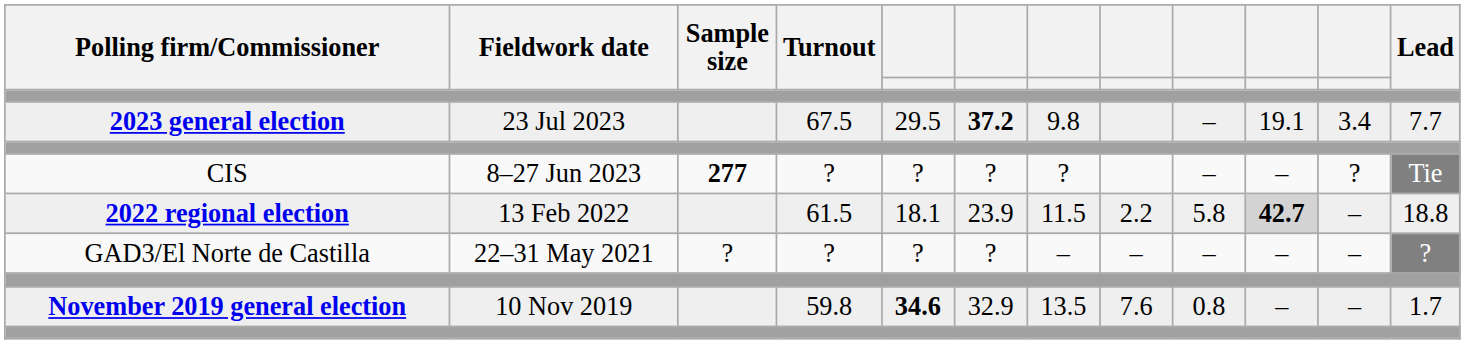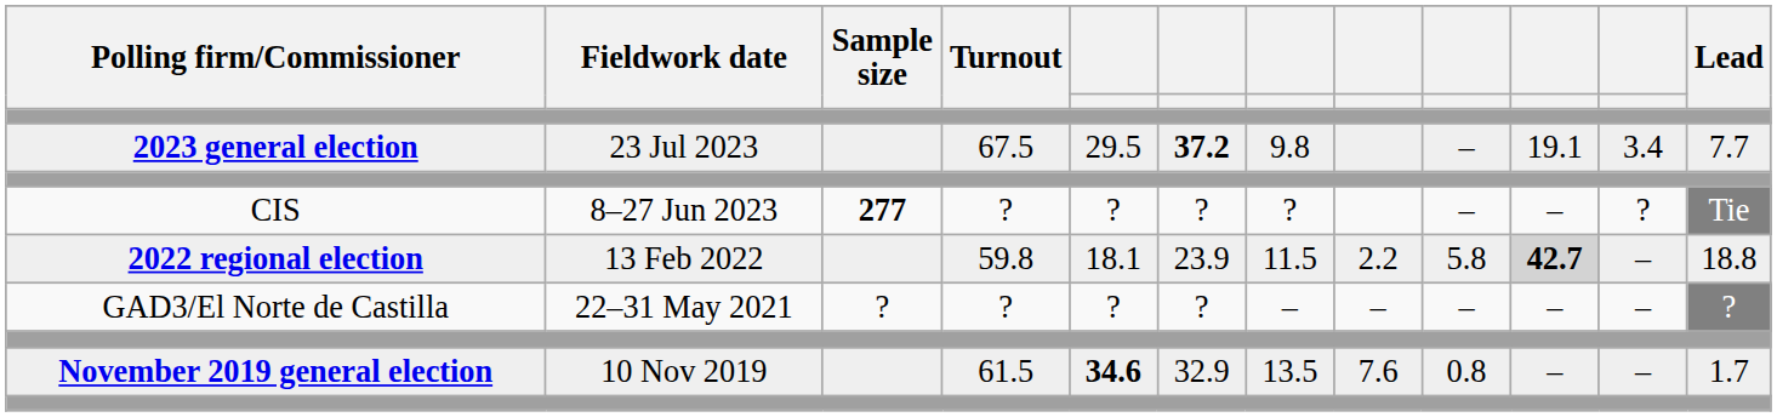 <table class="wikitable collapsible collapsed" style="text-align:center; font-size:95%; line-height:16px;">
 <tr style="height:42px;">
 <th style="width:250px;" rowspan="2">Polling firm/Commissioner</th>
 <th style="width:125px;" rowspan="2">Fieldwork date</th>
 <th style="width:50px;" rowspan="2">Sample size</th>
 <th style="width:45px;" rowspan="2">Turnout</th>
 <th style="width:35px;"></th>
 <th style="width:35px;"></th>
 <th style="width:35px;"></th>
 <th style="width:35px;"></th>
 <th style="width:35px;"></th>
 <th style="width:35px;"></th>
 <th style="width:35px;"></th>
 <th style="width:30px;" rowspan="2">Lead</th>
 </tr>
 <tr>
 <th style="color:inherit;background:"></th>
 <th style="color:inherit;background:"></th>
 <th style="color:inherit;background:"></th>
 <th style="color:inherit;background:"></th>
 <th style="color:inherit;background:"></th>
 <th style="color:inherit;background:"></th>
 <th style="color:inherit;background:"></th>
 </tr>
 <tr>
 <td colspan="12" style="background:#A0A0A0"></td>
 </tr>
 <tr style="background:#EFEFEF;">
 <td><strong><a href='#'>2023 general election</a></strong></td>
 <td>23 Jul 2023</td>
 <td></td>
 <td>67.5</td>
 <td>29.5<br></td>
 <td><strong>37.2</strong><br></td>
 <td>9.8<br></td>
 <td></td>
 <td>–</td>
 <td>19.1<br></td>
 <td>3.4<br></td>
 <td style="background:">7.7</td>
 </tr>
 <tr>
 <td colspan="12" style="background:#A0A0A0"></td>
 </tr>
 <tr>
 <td>CIS</td>
 <td>8–27 Jun 2023</td>
 <td><strong>277</strong></td>
 <td>?</td>
 <td>?<br></td>
 <td>?<br></td>
 <td>?<br></td>
 <td></td>
 <td>–</td>
 <td>–</td>
 <td>?<br></td>
 <td style="background:gray; color:white;">Tie</td>
 </tr>
 <tr style="background:#EFEFEF;">
 <td><strong><a href='#'>2022 regional election</a></strong></td>
 <td>13 Feb 2022</td>
 <td></td>
-<td>61.5</td>
+<td>59.8</td>
 <td>18.1<br></td>
 <td>23.9<br></td>
 <td>11.5<br></td>
 <td>2.2<br></td>
 <td>5.8<br></td>
 <td style="background:lightgrey;"><strong>42.7</strong><br></td>
 <td>–</td>
 <td style="background:">18.8</td>
 </tr>
 <tr>
 <td>GAD3/El Norte de Castilla</td>
 <td>22–31 May 2021</td>
 <td>?</td>
 <td>?</td>
 <td>?<br></td>
 <td>?<br></td>
 <td>–</td>
 <td>–</td>
 <td>–</td>
 <td>–</td>
 <td>–</td>
 <td style="background:grey; color:white;">?</td>
 </tr>
 <tr>
 <td colspan="12" style="background:#A0A0A0"></td>
 </tr>
 <tr style="background:#EFEFEF;">
 <td><strong><a href='#'>November 2019 general election</a></strong></td>
 <td>10 Nov 2019</td>
 <td></td>
-<td>59.8</td>
+<td>61.5</td>
 <td><strong>34.6</strong><br></td>
 <td>32.9<br></td>
 <td>13.5<br></td>
 <td>7.6<br></td>
 <td>0.8<br></td>
 <td>–</td>
 <td>–</td>
 <td style="background:">1.7</td>
 </tr>
 <tr>
 <td colspan="12" style="background:#A0A0A0"></td>
 </tr>
 </table>
